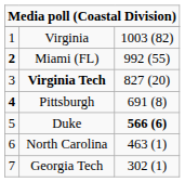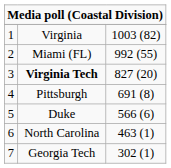 <table class="wikitable" style="display: inline-table;">
 <tr>
 <td align="center" Colspan="3"><strong>Media poll (Coastal Division)</strong></td>
 </tr>
 <tr align="center">
 </tr>
 <tr align="center">
 <td>1</td>
 <td>Virginia</td>
 <td>1003 (82)</td>
 </tr>
 <tr align="center">
-<td><strong>2</strong></td>
+<td>2</td>
 <td>Miami (FL)</td>
 <td>992 (55)</td>
 </tr>
 <tr align="center">
 <td>3</td>
 <td><strong>Virginia Tech</strong></td>
 <td>827 (20)</td>
 </tr>
 <tr align="center">
-<td><strong>4</strong></td>
+<td>4</td>
 <td>Pittsburgh</td>
 <td>691 (8)</td>
 </tr>
 <tr align="center">
 <td>5</td>
 <td>Duke</td>
-<td><strong>566 (6)</strong></td>
+<td>566 (6)</td>
 </tr>
 <tr align="center">
 <td>6</td>
 <td>North Carolina</td>
 <td>463 (1)</td>
 </tr>
 <tr align="center">
 <td>7</td>
 <td>Georgia Tech</td>
 <td>302 (1)</td>
 </tr>
 </table>
